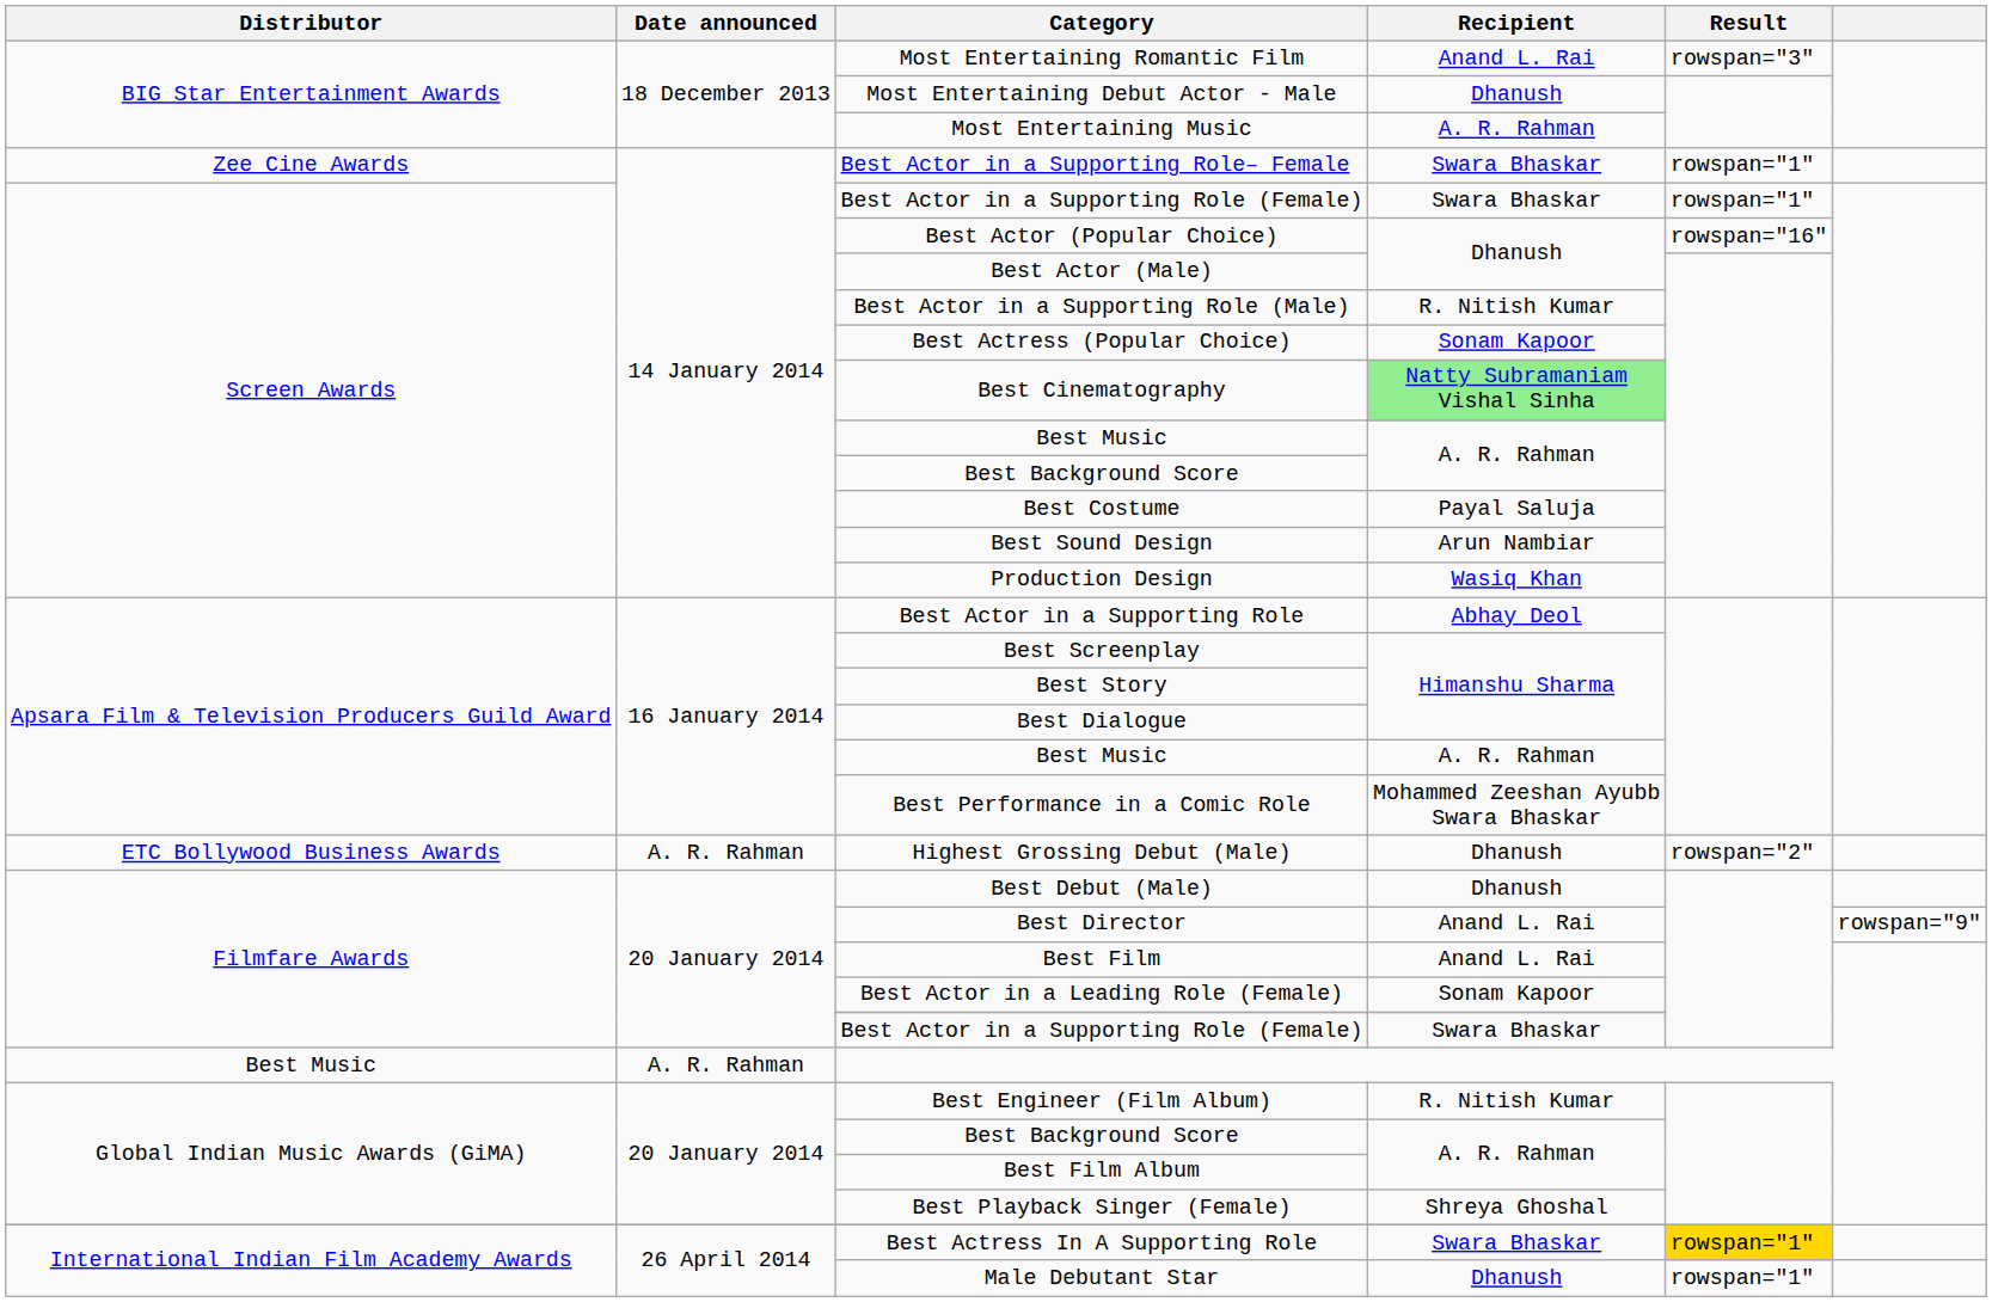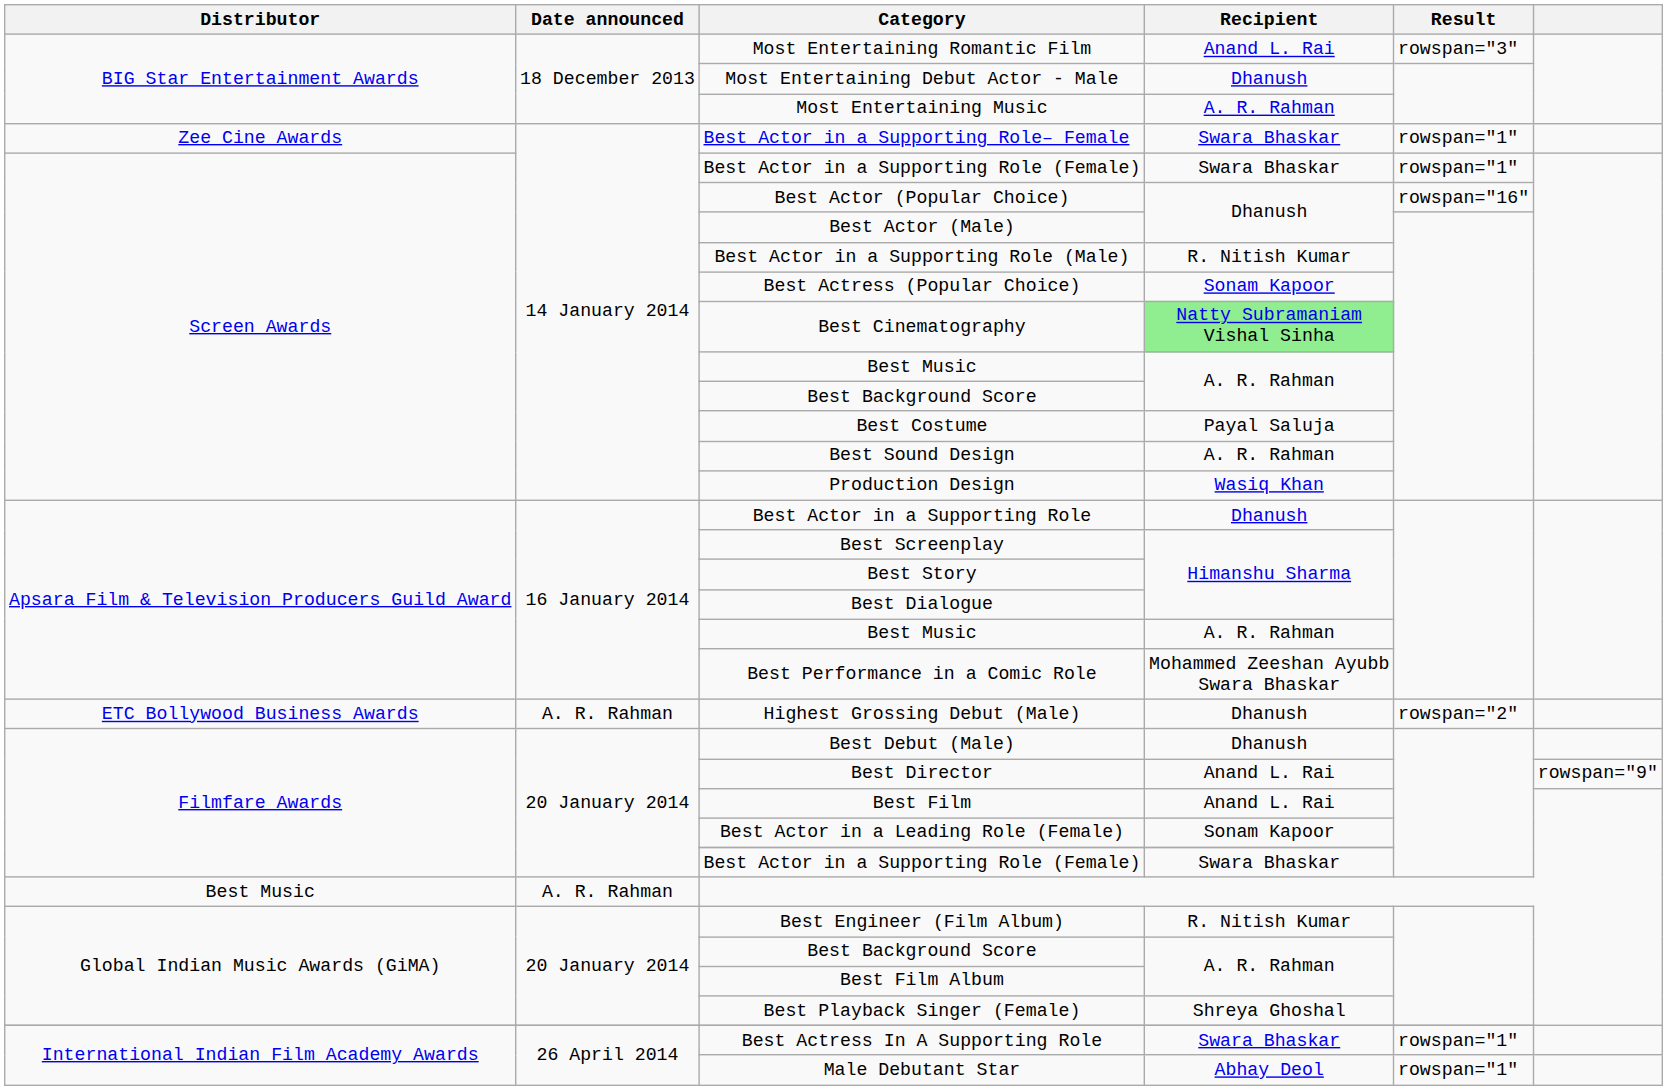 <table class="wikitable"  >
 <tr>
 <th>Distributor</th>
 <th>Date announced</th>
 <th>Category</th>
 <th>Recipient</th>
 <th>Result</th>
 <th scope="col" class="unsortable"></th>
 </tr>
 <tr>
 <td rowspan="3"  style="text-align:center"><a href='#'>BIG Star Entertainment Awards</a></td>
 <td rowspan="3"  style="text-align:center">18 December 2013</td>
 <td style="text-align:center">Most Entertaining Romantic Film</td>
 <td style="text-align:center"><a href='#'>Anand L. Rai</a></td>
 <td>rowspan="3" </td>
 <td align="center" rowspan="3"></td>
 </tr>
 <tr>
 <td style="text-align:center">Most Entertaining Debut Actor - Male</td>
 <td style="text-align:center"><a href='#'>Dhanush</a></td>
 </tr>
 <tr>
 <td style="text-align:center">Most Entertaining Music</td>
 <td style="text-align:center"><a href='#'>A. R. Rahman</a></td>
 </tr>
 <tr>
 <td style="text-align:center"><a href='#'>Zee Cine Awards</a></td>
 <td rowspan="12" style="text-align:center">14 January 2014</td>
 <td><a href='#'>Best Actor in a Supporting Role– Female</a></td>
 <td style="text-align:center"><a href='#'>Swara Bhaskar</a></td>
 <td>rowspan="1" </td>
 <td align="center"></td>
 </tr>
 <tr>
 <td rowspan="11"  style="text-align:center"><a href='#'>Screen Awards</a></td>
 <td style="text-align:center">Best Actor in a Supporting Role (Female)</td>
 <td style="text-align:center">Swara Bhaskar</td>
 <td>rowspan="1" </td>
 <td align="center" rowspan="11"></td>
 </tr>
 <tr>
 <td style="text-align:center">Best Actor (Popular Choice)</td>
 <td rowspan="2"  style="text-align:center">Dhanush</td>
 <td>rowspan="16" </td>
 </tr>
 <tr>
 <td style="text-align:center">Best Actor (Male)</td>
 </tr>
 <tr>
 <td style="text-align:center">Best Actor in a Supporting Role (Male)</td>
 <td style="text-align:center">R. Nitish Kumar</td>
 </tr>
 <tr>
 <td style="text-align:center">Best Actress (Popular Choice)</td>
 <td style="text-align:center"><a href='#'>Sonam Kapoor</a></td>
 </tr>
 <tr>
 <td style="text-align:center">Best Cinematography</td>
 <td style="background: lightgreen; text-align:center"><a href='#'>Natty Subramaniam</a><br> Vishal Sinha</td>
 </tr>
 <tr>
 <td style="text-align:center">Best Music</td>
 <td rowspan="2"  style="text-align:center">A. R. Rahman</td>
 </tr>
 <tr>
 <td style="text-align:center">Best Background Score</td>
 </tr>
 <tr>
 <td style="text-align:center">Best Costume</td>
 <td style="text-align:center">Payal Saluja</td>
 </tr>
 <tr>
 <td style="text-align:center">Best Sound Design</td>
-<td style="text-align:center">Arun Nambiar</td>
+<td style="text-align:center">A. R. Rahman</td>
 </tr>
 <tr>
 <td style="text-align:center">Production Design</td>
 <td style="text-align:center"><a href='#'>Wasiq Khan</a></td>
 </tr>
 <tr>
 <td rowspan="6"  style="text-align:center"><a href='#'>Apsara Film & Television Producers Guild Award</a></td>
 <td rowspan="6"  style="text-align:center">16 January 2014</td>
 <td style="text-align:center">Best Actor in a Supporting Role</td>
-<td style="text-align:center"><a href='#'>Abhay Deol</a></td>
+<td style="text-align:center"><a href='#'>Dhanush</a></td>
 <td align="center" rowspan="6"></td>
 </tr>
 <tr>
 <td style="text-align:center">Best Screenplay</td>
 <td rowspan="3"  style="text-align:center"><a href='#'>Himanshu Sharma</a></td>
 </tr>
 <tr>
 <td style="text-align:center">Best Story</td>
 </tr>
 <tr>
 <td style="text-align:center">Best Dialogue</td>
 </tr>
 <tr>
 <td style="text-align:center">Best Music</td>
 <td style="text-align:center">A. R. Rahman</td>
 </tr>
 <tr>
 <td style="text-align:center">Best Performance in a Comic Role</td>
 <td style="text-align:center">Mohammed Zeeshan Ayubb<br>Swara Bhaskar</td>
 </tr>
 <tr>
 <td rowspan="1"  style="text-align:center"><a href='#'>ETC Bollywood Business Awards</a></td>
 <td style="text-align:center">A. R. Rahman</td>
 <td style="text-align:center">Highest Grossing Debut (Male)</td>
 <td style="text-align:center">Dhanush</td>
 <td>rowspan="2" </td>
 <td align="center" rowspan="1"></td>
 </tr>
 <tr>
 <td rowspan="6"  style="text-align:center"><a href='#'>Filmfare Awards</a></td>
 <td rowspan="6"  style="text-align:center">20 January 2014</td>
 <td style="text-align:center">Best Debut (Male)</td>
 <td style="text-align:center">Dhanush</td>
 <td align="center" rowspan="6"></td>
 </tr>
 <tr>
 <td style="text-align:center">Best Director</td>
 <td style="text-align:center">Anand L. Rai</td>
 <td>rowspan="9" </td>
 </tr>
 <tr>
 <td style="text-align:center">Best Film</td>
 <td style="text-align:center">Anand L. Rai</td>
 </tr>
 <tr>
 <td style="text-align:center">Best Actor in a Leading Role (Female)</td>
 <td style="text-align:center">Sonam Kapoor</td>
 </tr>
 <tr>
 </tr>
 <tr>
 <td style="text-align:center">Best Actor in a Supporting Role (Female)</td>
 <td style="text-align:center">Swara Bhaskar</td>
 </tr>
 <tr>
 <td style="text-align:center">Best Music</td>
 <td style="text-align:center">A. R. Rahman</td>
 </tr>
 <tr>
 <td rowspan="4"  style="text-align:center">Global Indian Music Awards (GiMA)</td>
 <td rowspan="4"  style="text-align:center">20 January 2014</td>
 <td style="text-align:center">Best Engineer (Film Album)</td>
 <td style="text-align:center">R. Nitish Kumar</td>
 <td align="center" rowspan="4"></td>
 </tr>
 <tr>
 <td style="text-align:center">Best Background Score</td>
 <td rowspan="2" style="text-align:center">A. R. Rahman</td>
 </tr>
 <tr>
 <td style="text-align:center">Best Film Album</td>
 </tr>
 <tr>
 <td style="text-align:center">Best Playback Singer (Female)</td>
 <td style="text-align:center">Shreya Ghoshal <br></td>
 </tr>
 <tr>
 </tr>
 <tr>
 <td rowspan="2"  style="text-align:center"><a href='#'>International Indian Film Academy Awards</a></td>
 <td rowspan="2"  style="text-align:center">26 April 2014</td>
 <td style="text-align:center">Best Actress In A Supporting Role</td>
 <td style="text-align:center"><a href='#'>Swara Bhaskar</a></td>
-<td style="background: gold;">rowspan="1" </td>
+<td>rowspan="1" </td>
 <td></td>
 </tr>
 <tr>
 <td style="text-align:center">Male Debutant Star</td>
-<td style="text-align:center"><a href='#'>Dhanush</a></td>
+<td style="text-align:center"><a href='#'>Abhay Deol</a></td>
 <td>rowspan="1" </td>
 <td></td>
 </tr>
 <tr>
 </tr>
 </table>
